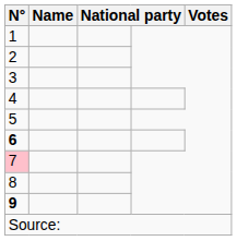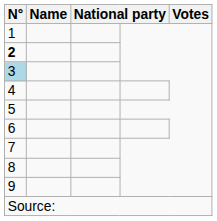 <table class="wikitable sortable" style="font-size:95%;line-height:14px;">
 <tr>
 <th>N°</th>
 <th>Name</th>
 <th colspan="2">National party</th>
 <th>Votes</th>
 </tr>
 <tr>
 <td>1</td>
 <td></td>
 <td></td>
 </tr>
 <tr>
-<td>2</td>
+<td><strong>2</strong></td>
 <td></td>
 <td></td>
 </tr>
 <tr>
-<td>3</td>
+<td style="background: lightblue;">3</td>
 <td></td>
 <td></td>
 </tr>
 <tr>
 <td>4</td>
 <td></td>
 <td></td>
 <td></td>
 </tr>
 <tr>
 <td>5</td>
 <td></td>
 <td></td>
 </tr>
 <tr>
-<td><strong>6</strong></td>
+<td>6</td>
 <td></td>
 <td></td>
 <td></td>
 </tr>
 <tr>
-<td style="background: pink;">7</td>
+<td>7</td>
 <td></td>
 <td></td>
 </tr>
 <tr>
 <td>8</td>
 <td></td>
 <td></td>
 </tr>
 <tr>
-<td><strong>9</strong></td>
+<td>9</td>
 <td></td>
 <td></td>
 </tr>
 <tr>
 <td colspan="5">Source: </td>
 </tr>
 </table>
